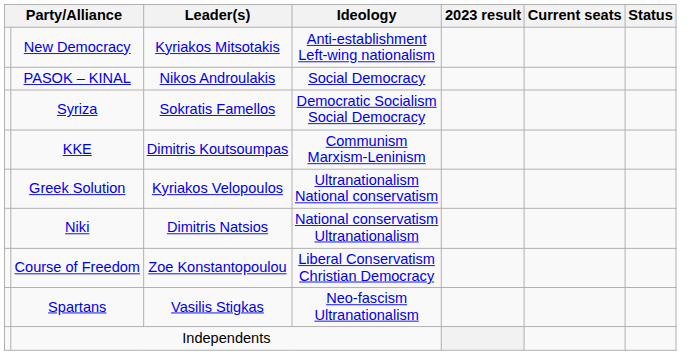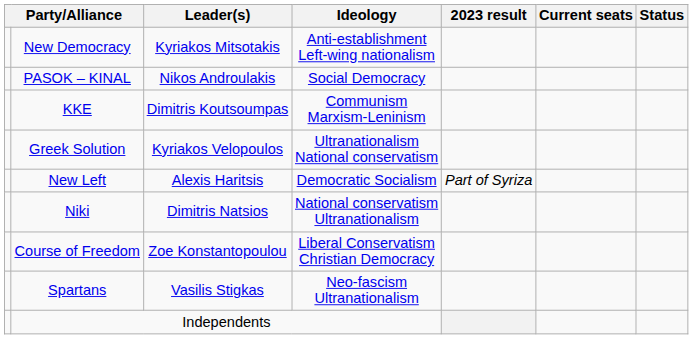 <table class="wikitable" style="text-align:center">
 <tr>
 <th colspan="2">Party/Alliance</th>
 <th>Leader(s)</th>
 <th>Ideology</th>
 <th>2023 result</th>
 <th>Current seats</th>
 <th>Status</th>
 </tr>
 <tr>
 <td style="background:"></td>
 <td><a href='#'>New Democracy</a></td>
 <td><a href='#'>Kyriakos Mitsotakis</a></td>
 <td><a href='#'>Anti-establishment</a><div><a href='#'>Left-wing nationalism</a></div></td>
 <td></td>
 <td></td>
 <td></td>
 </tr>
 <tr>
 <td style="background:"></td>
 <td><a href='#'>PASOK – KINAL</a></td>
 <td><a href='#'>Nikos Androulakis</a></td>
 <td><a href='#'>Social Democracy</a></td>
 <td></td>
 <td></td>
 <td></td>
 </tr>
 <tr>
 <td style="background:"></td>
-<td><a href='#'>Syriza</a></td>
-<td><a href='#'>Sokratis Famellos</a></td>
-<td><a href='#'>Democratic Socialism</a><div><a href='#'>Social Democracy</a></div></td>
-<td></td>
-<td></td>
-<td></td>
-</tr>
-<tr>
-<td style="background:"></td>
 <td><a href='#'>KKE</a></td>
 <td><a href='#'>Dimitris Koutsoumpas</a></td>
 <td><a href='#'>Communism</a><div><a href='#'>Marxism-Leninism</a></div></td>
 <td></td>
 <td></td>
 <td></td>
 </tr>
 <tr>
 <td style="background:"></td>
 <td><a href='#'>Greek Solution</a></td>
 <td><a href='#'>Kyriakos Velopoulos</a></td>
 <td><a href='#'>Ultranationalism</a><div><a href='#'>National conservatism</a></div></td>
 <td></td>
+<td></td>
+<td></td>
+</tr>
+<tr>
+<td style="background:"></td>
+<td><a href='#'>New Left</a></td>
+<td><a href='#'>Alexis Haritsis</a></td>
+<td><a href='#'>Democratic Socialism</a></td>
+<td><em>Part of Syriza</em></td>
 <td></td>
 <td></td>
 </tr>
 <tr>
 <td style="background:"></td>
 <td><a href='#'>Niki</a></td>
 <td><a href='#'>Dimitris Natsios</a></td>
 <td><a href='#'>National conservatism</a><div><a href='#'>Ultranationalism</a></div></td>
 <td></td>
 <td></td>
 <td></td>
 </tr>
 <tr>
 <td style="background:"></td>
 <td><a href='#'>Course of Freedom</a></td>
 <td><a href='#'>Zoe Konstantopoulou</a></td>
 <td><a href='#'>Liberal Conservatism</a><div><a href='#'>Christian Democracy</a></div></td>
 <td></td>
 <td></td>
 <td></td>
 </tr>
 <tr>
 <td style="background:"></td>
 <td><a href='#'>Spartans</a></td>
 <td><a href='#'>Vasilis Stigkas</a></td>
 <td><a href='#'>Neo-fascism</a><div><a href='#'>Ultranationalism</a></div></td>
 <td></td>
 <td></td>
 <td></td>
 </tr>
 <tr>
 <td style="background:"></td>
 <td colspan=3>Independents</td>
 <th></th>
 <td></td>
 <td></td>
 </tr>
 </table>
